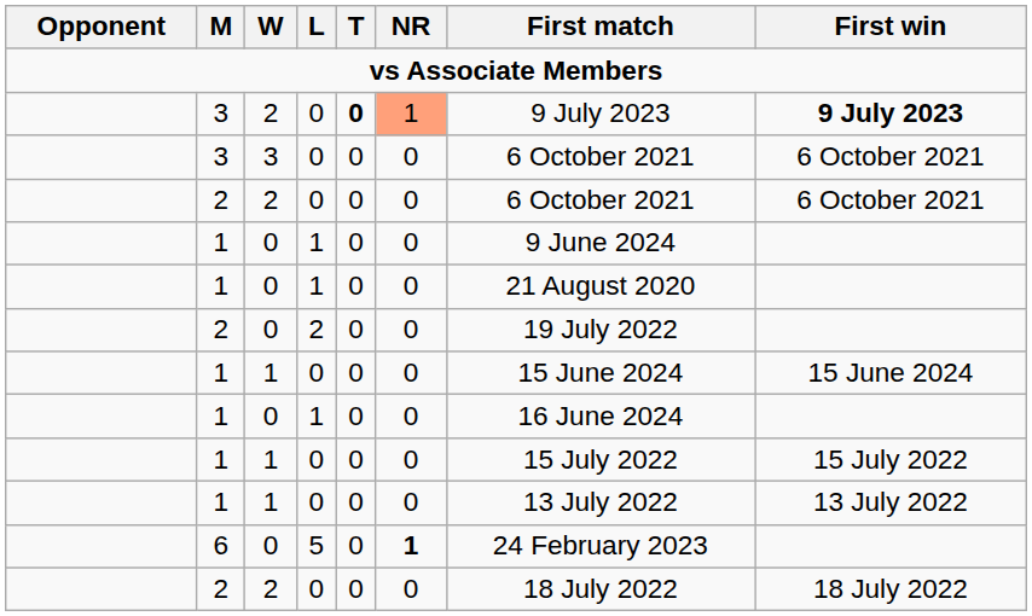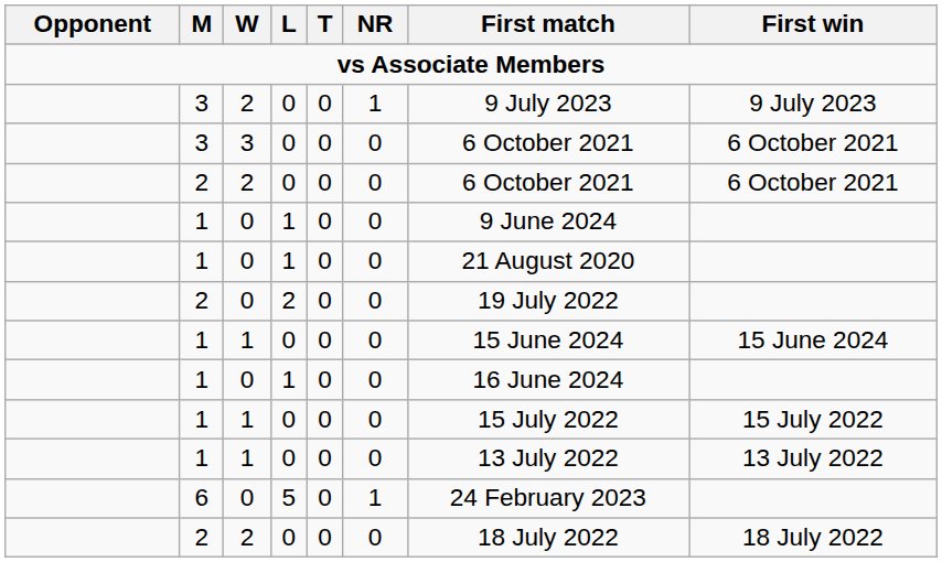 <table class="wikitable" style="text-align: center; width: 600px;">
 <tr>
 <th>Opponent</th>
 <th>M</th>
 <th>W</th>
 <th>L</th>
 <th>T</th>
 <th>NR</th>
 <th>First match</th>
 <th>First win</th>
 </tr>
 <tr>
 <td colspan="8" style="text-align:center;"><strong>vs Associate Members</strong></td>
 </tr>
 <tr>
 <td align=left></td>
 <td>3</td>
 <td>2</td>
 <td>0</td>
-<td><strong>0</strong></td>
-<td style="background: lightsalmon;">1</td>
+<td>0</td>
+<td>1</td>
 <td>9 July 2023</td>
-<td><strong>9 July 2023</strong></td>
+<td>9 July 2023</td>
 </tr>
 <tr>
 <td align=left></td>
 <td>3</td>
 <td>3</td>
 <td>0</td>
 <td>0</td>
 <td>0</td>
 <td>6 October 2021</td>
 <td>6 October 2021</td>
 </tr>
 <tr>
 <td align=left></td>
 <td>2</td>
 <td>2</td>
 <td>0</td>
 <td>0</td>
 <td>0</td>
 <td>6 October 2021</td>
 <td>6 October 2021</td>
 </tr>
 <tr>
 <td align=left></td>
 <td>1</td>
 <td>0</td>
 <td>1</td>
 <td>0</td>
 <td>0</td>
 <td>9 June 2024</td>
 <td></td>
 </tr>
 <tr>
 <td align=left></td>
 <td>1</td>
 <td>0</td>
 <td>1</td>
 <td>0</td>
 <td>0</td>
 <td>21 August 2020</td>
 <td></td>
 </tr>
 <tr>
 <td align=left></td>
 <td>2</td>
 <td>0</td>
 <td>2</td>
 <td>0</td>
 <td>0</td>
 <td>19 July 2022</td>
 <td></td>
 </tr>
 <tr>
 <td align=left></td>
 <td>1</td>
 <td>1</td>
 <td>0</td>
 <td>0</td>
 <td>0</td>
 <td>15 June 2024</td>
 <td>15 June 2024</td>
 </tr>
 <tr>
 <td align=left></td>
 <td>1</td>
 <td>0</td>
 <td>1</td>
 <td>0</td>
 <td>0</td>
 <td>16 June 2024</td>
 <td></td>
 </tr>
 <tr>
 <td align=left></td>
 <td>1</td>
 <td>1</td>
 <td>0</td>
 <td>0</td>
 <td>0</td>
 <td>15 July 2022</td>
 <td>15 July 2022</td>
 </tr>
 <tr>
 <td align=left></td>
 <td>1</td>
 <td>1</td>
 <td>0</td>
 <td>0</td>
 <td>0</td>
 <td>13 July 2022</td>
 <td>13 July 2022</td>
 </tr>
 <tr>
 <td align=left></td>
 <td>6</td>
 <td>0</td>
 <td>5</td>
 <td>0</td>
-<td><strong>1</strong></td>
+<td>1</td>
 <td>24 February 2023</td>
 <td></td>
 </tr>
 <tr>
 <td align=left></td>
 <td>2</td>
 <td>2</td>
 <td>0</td>
 <td>0</td>
 <td>0</td>
 <td>18 July 2022</td>
 <td>18 July 2022</td>
 </tr>
 </table>
